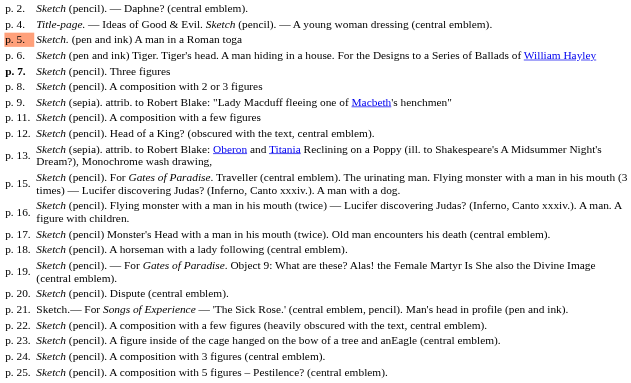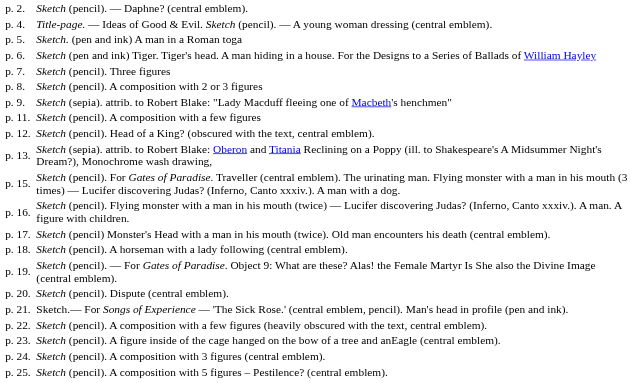 <table>
 <tr>
 <td>p. 2. </td>
 <td><em>Sketch</em> (pencil). — Daphne? (central emblem).</td>
 </tr>
 <tr>
 <td>p. 4.</td>
 <td><em>Title-page.</em> — Ideas of Good & Evil. <em>Sketch</em> (pencil). — A young woman dressing (central emblem).</td>
 </tr>
 <tr>
-<td style="background: lightsalmon;">p. 5.</td>
+<td>p. 5.</td>
 <td><em>Sketch.</em> (pen and ink) A man in a Roman toga</td>
 </tr>
 <tr>
 <td>p. 6.</td>
 <td><em>Sketch</em> (pen and ink) Tiger. Tiger's head. A man hiding in a house. For the Designs to a Series of Ballads of <a href='#'>William Hayley</a></td>
 </tr>
 <tr>
-<td><strong>p. 7.</strong></td>
+<td>p. 7.</td>
 <td><em>Sketch</em> (pencil). Three figures</td>
 </tr>
 <tr>
 <td>p. 8.</td>
 <td><em>Sketch</em> (pencil). A composition with 2 or 3 figures</td>
 </tr>
 <tr>
 <td>p. 9.</td>
 <td><em>Sketch</em> (sepia). attrib. to Robert Blake: "Lady Macduff fleeing one of <a href='#'>Macbeth</a>'s henchmen"</td>
 </tr>
 <tr>
 <td>p. 11. </td>
 <td><em>Sketch</em> (pencil).  A composition with a few figures</td>
 </tr>
 <tr>
 <td>p. 12. </td>
 <td><em>Sketch</em> (pencil). Head of a King? (obscured with the text, central emblem).</td>
 </tr>
 <tr>
 <td>p. 13. </td>
 <td><em>Sketch</em> (sepia). attrib. to Robert Blake: <a href='#'>Oberon</a> and <a href='#'>Titania</a> Reclining on a Poppy (ill. to Shakespeare's A Midsummer Night's Dream?), Monochrome wash drawing,</td>
 </tr>
 <tr>
 <td>p. 15.</td>
 <td><em>Sketch</em> (pencil). For <em>Gates of Paradise</em>. Traveller (central emblem). The urinating man. Flying monster with a man in his mouth (3 times) — Lucifer discovering Judas? (Inferno, Canto xxxiv.). A man with a dog.</td>
 </tr>
 <tr>
 <td>p. 16.</td>
 <td><em>Sketch</em> (pencil). Flying monster with a man in his mouth (twice) — Lucifer discovering Judas? (Inferno, Canto xxxiv.). A man. A figure with children.</td>
 </tr>
 <tr>
 <td>p. 17.</td>
 <td><em>Sketch</em> (pencil) Monster's Head with a man in his mouth (twice). Old man encounters his death (central emblem).</td>
 </tr>
 <tr>
 <td>p. 18.</td>
 <td><em>Sketch</em> (pencil). A horseman with a lady following (central emblem).</td>
 </tr>
 <tr>
 <td>p. 19.</td>
 <td><em>Sketch</em> (pencil). — For <em>Gates of Paradise</em>. Object 9: What are these? Alas! the Female Martyr Is She also the Divine Image (central emblem).</td>
 </tr>
 <tr>
 <td>p. 20.</td>
 <td><em>Sketch</em> (pencil). Dispute (central emblem).</td>
 </tr>
 <tr>
 <td>p. 21.</td>
 <td>Sketch.— For <em>Songs of Experience</em> — 'The Sick Rose.' (central emblem, pencil). Man's head in profile (pen and ink).</td>
 </tr>
 <tr>
 <td>p. 22.</td>
 <td><em>Sketch</em> (pencil). A composition with a few figures (heavily obscured with the text, central emblem).</td>
 </tr>
 <tr>
 <td>p. 23. </td>
 <td><em>Sketch</em> (pencil). A figure inside of the cage hanged on the bow of a tree and anEagle (central emblem).</td>
 </tr>
 <tr>
 <td>p. 24. </td>
 <td><em>Sketch</em> (pencil). A composition with 3 figures (central emblem).</td>
 </tr>
 <tr>
 <td>p. 25. </td>
 <td><em>Sketch</em> (pencil). A composition with 5 figures – Pestilence? (central emblem).</td>
 </tr>
 <tr>
 </tr>
 </table>
